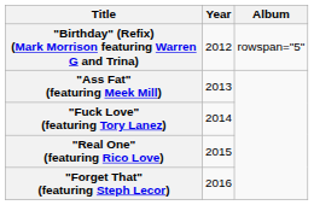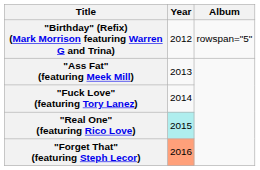 <table class="wikitable plainrowheaders" style="text-align:center;">
 <tr>
 <th scope="col" style="width:16em;">Title</th>
 <th scope="col">Year</th>
 <th scope="col">Album</th>
 </tr>
 <tr>
 <th scope="row">"Birthday" (Refix)<br><span>(<a href='#'>Mark Morrison</a> featuring <a href='#'>Warren G</a> and Trina)</span></th>
 <td>2012</td>
 <td>rowspan="5" </td>
 </tr>
 <tr>
 <th scope="row">"Ass Fat"<br><span>(featuring <a href='#'>Meek Mill</a>)</span></th>
 <td>2013</td>
 </tr>
 <tr>
 <th scope="row">"Fuck Love"<br><span>(featuring <a href='#'>Tory Lanez</a>)</span></th>
 <td>2014</td>
 </tr>
 <tr>
 <th scope="row">"Real One"<br><span>(featuring <a href='#'>Rico Love</a>)</span></th>
-<td>2015</td>
+<td style="background: paleturquoise;">2015</td>
 </tr>
 <tr>
 <th scope="row">"Forget That"<br><span>(featuring <a href='#'>Steph Lecor</a>)</span></th>
-<td>2016</td>
+<td style="background: lightsalmon;">2016</td>
 </tr>
 </table>
